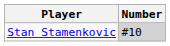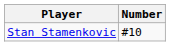 <table class="wikitable">
 <tr>
 <th>Player</th>
 <th>Number</th>
 </tr>
 <tr>
 <td><a href='#'>Stan Stamenkovic</a></td>
-<td style="background: lightgrey;">#10</td>
+<td>#10</td>
 </tr>
 </table>
